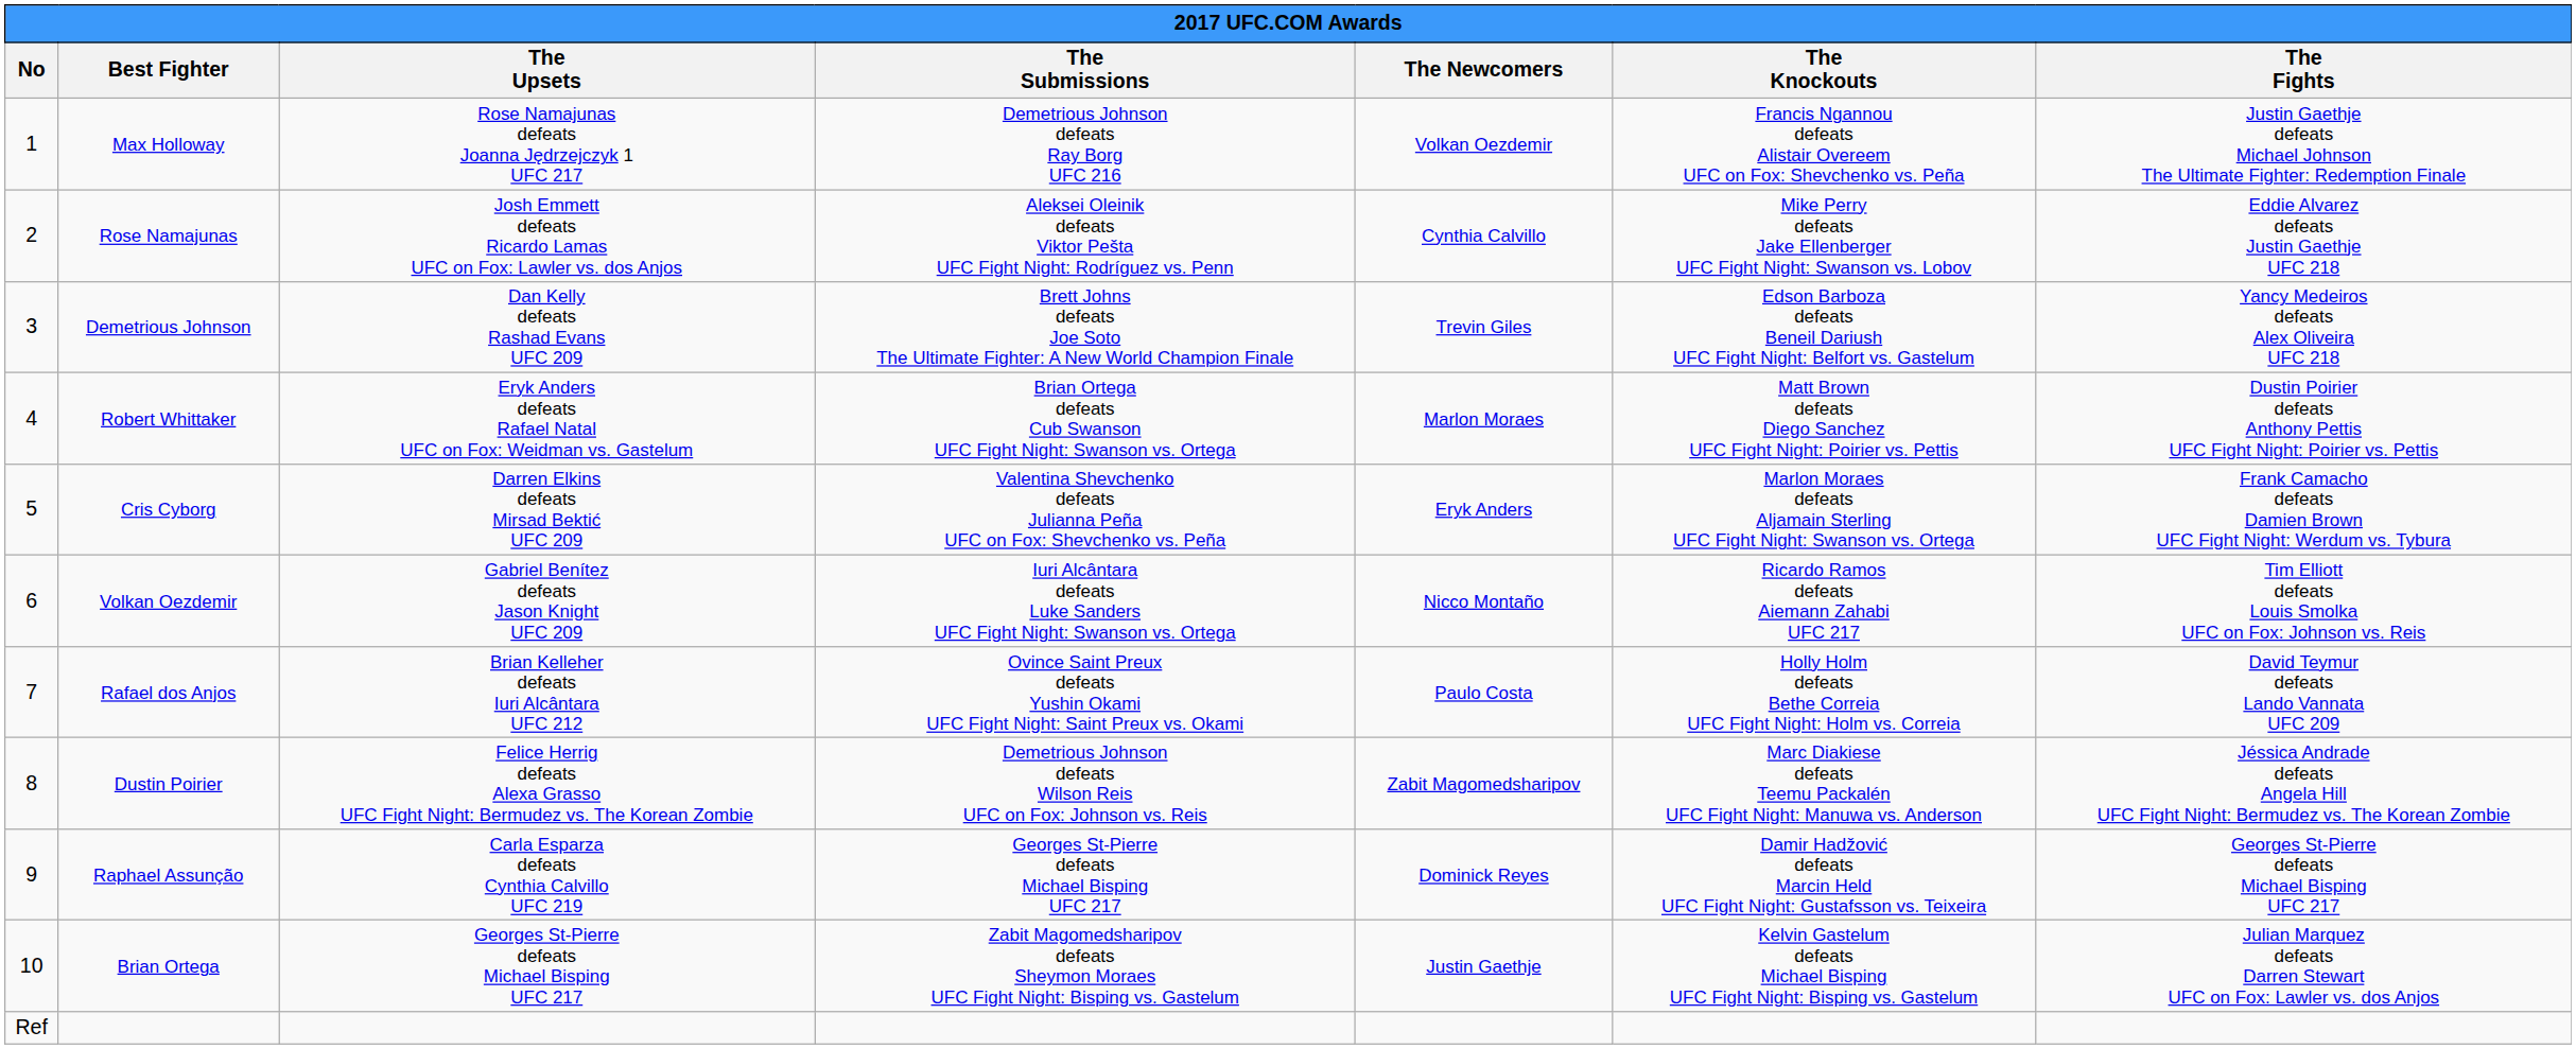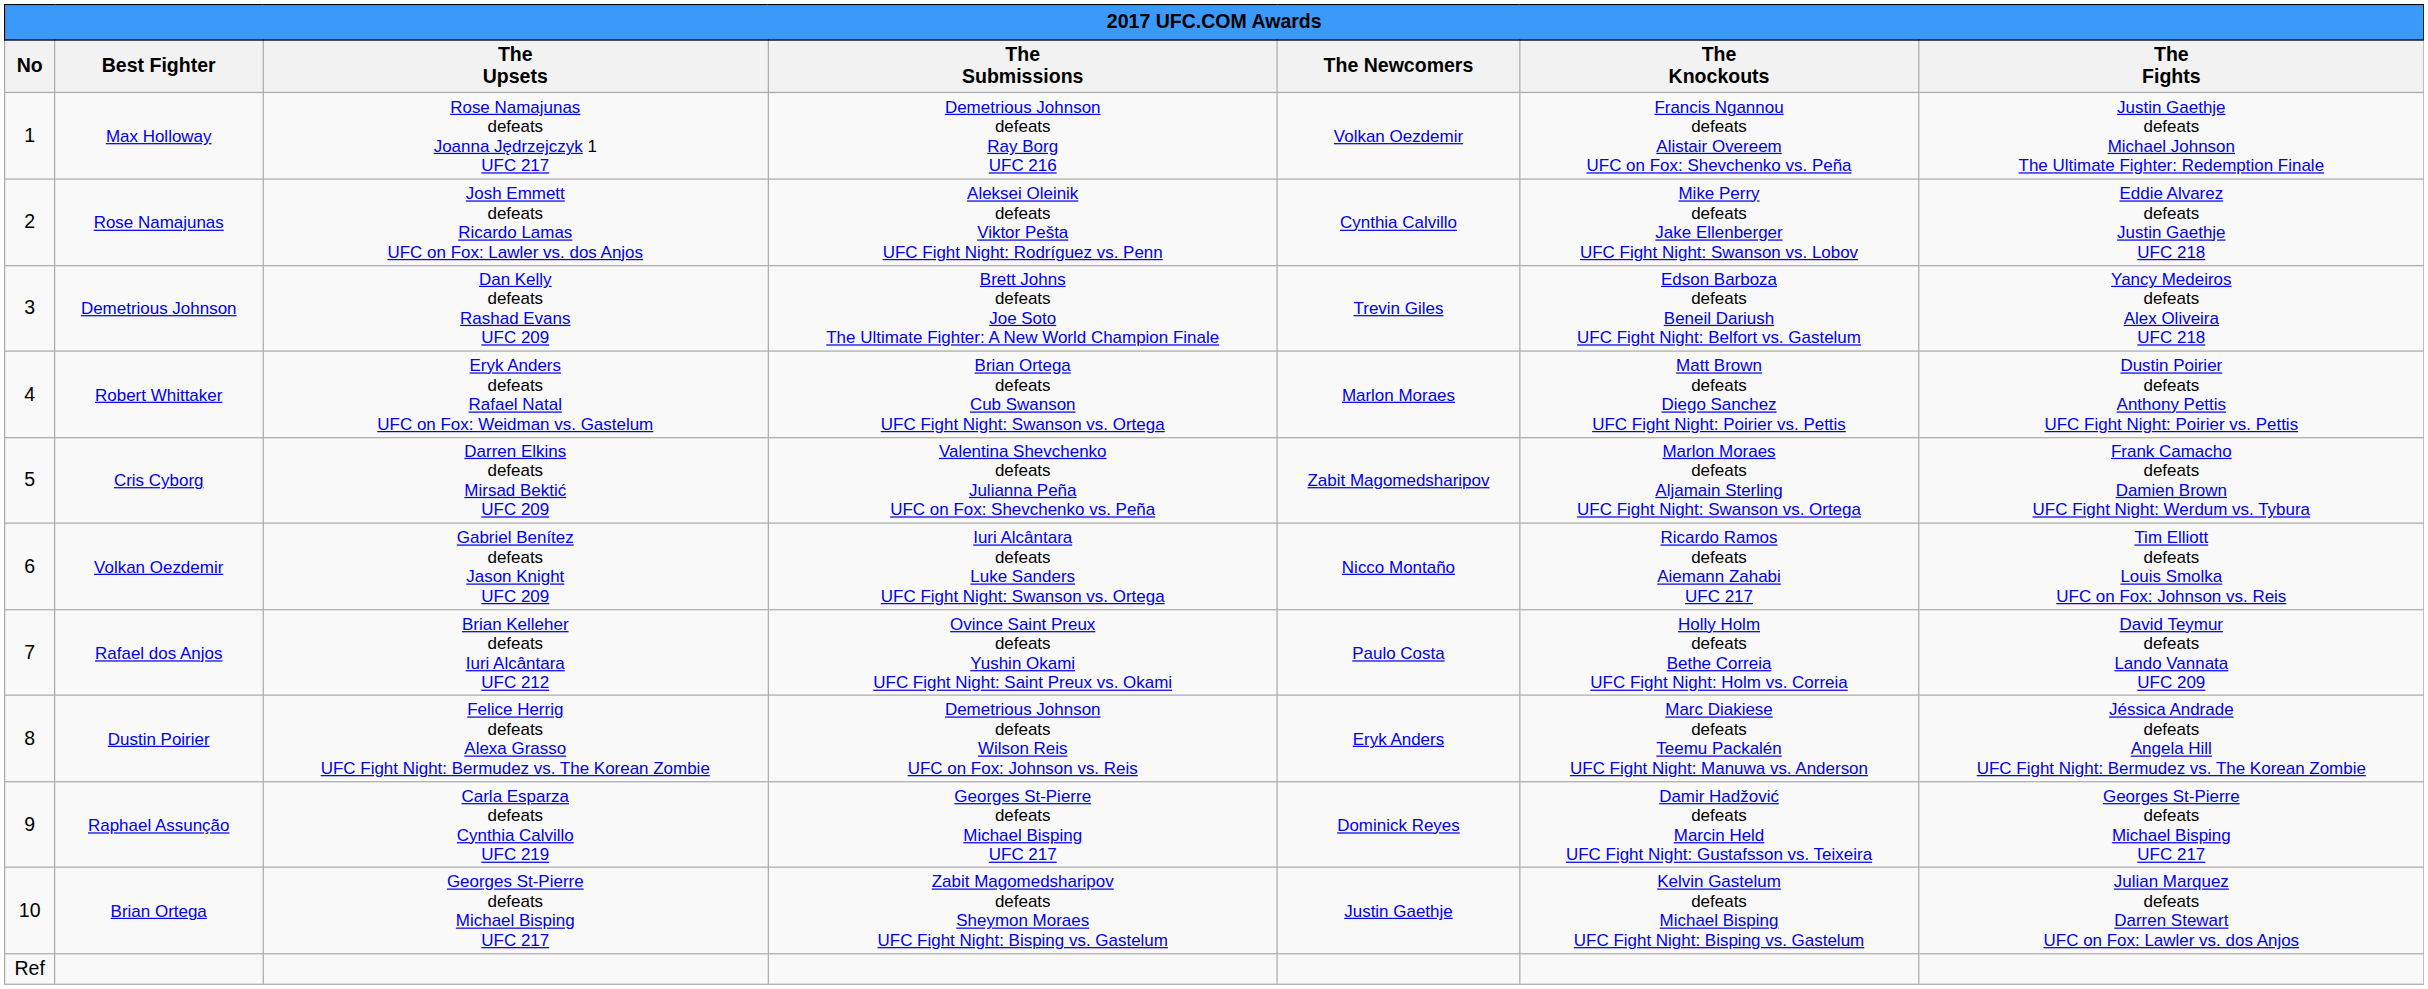 <table class="wikitable" width="100%" style="text-align:Center">
 <tr>
 <th colspan="7" style="border: 1px solid black; padding: 5px; background: #3B99FA;">2017 UFC.COM Awards</th>
 </tr>
 <tr>
 <th>No</th>
 <th>Best Fighter</th>
 <th>The<br>Upsets</th>
 <th>The<br>Submissions</th>
 <th>The Newcomers</th>
 <th>The<br>Knockouts</th>
 <th>The<br>Fights</th>
 </tr>
 <tr>
 <td>1</td>
 <td style="font-size:87%"><a href='#'>Max Holloway</a></td>
 <td style="font-size:87%"><a href='#'>Rose Namajunas</a> <br> defeats <br> <a href='#'>Joanna Jędrzejczyk</a> 1<br> <a href='#'>UFC 217</a></td>
 <td style="font-size:87%"><a href='#'>Demetrious Johnson</a> <br> defeats <br> <a href='#'>Ray Borg</a> <br> <a href='#'>UFC 216</a></td>
 <td style="font-size:87%"><a href='#'>Volkan Oezdemir</a></td>
 <td style="font-size:87%"><a href='#'>Francis Ngannou</a> <br> defeats <br> <a href='#'>Alistair Overeem</a> <br> <a href='#'>UFC on Fox: Shevchenko vs. Peña</a></td>
 <td style="font-size:87%"><a href='#'>Justin Gaethje</a> <br> defeats <br> <a href='#'>Michael Johnson</a> <br> <a href='#'>The Ultimate Fighter: Redemption Finale</a></td>
 </tr>
 <tr>
 <td>2</td>
 <td style="font-size:87%"><a href='#'>Rose Namajunas</a></td>
 <td style="font-size:87%"><a href='#'>Josh Emmett</a> <br> defeats <br> <a href='#'>Ricardo Lamas</a> <br> <a href='#'>UFC on Fox: Lawler vs. dos Anjos</a></td>
 <td style="font-size:87%"><a href='#'>Aleksei Oleinik</a> <br> defeats  <br> <a href='#'>Viktor Pešta</a> <br> <a href='#'>UFC Fight Night: Rodríguez vs. Penn</a></td>
 <td style="font-size:87%"><a href='#'>Cynthia Calvillo</a></td>
 <td style="font-size:87%"><a href='#'>Mike Perry</a> <br> defeats <br> <a href='#'>Jake Ellenberger</a> <br> <a href='#'>UFC Fight Night: Swanson vs. Lobov</a></td>
 <td style="font-size:87%"><a href='#'>Eddie Alvarez</a> <br> defeats <br> <a href='#'>Justin Gaethje</a> <br> <a href='#'>UFC 218</a></td>
 </tr>
 <tr>
 <td>3</td>
 <td style="font-size:87%"><a href='#'>Demetrious Johnson</a></td>
 <td style="font-size:87%"><a href='#'>Dan Kelly</a> <br> defeats  <br> <a href='#'>Rashad Evans</a> <br> <a href='#'>UFC 209</a></td>
 <td style="font-size:87%"><a href='#'>Brett Johns</a> <br> defeats  <br> <a href='#'>Joe Soto</a> <br> <a href='#'>The Ultimate Fighter: A New World Champion Finale</a></td>
 <td style="font-size:87%"><a href='#'>Trevin Giles</a></td>
 <td style="font-size:87%"><a href='#'>Edson Barboza</a> <br> defeats <br> <a href='#'>Beneil Dariush</a> <br> <a href='#'>UFC Fight Night: Belfort vs. Gastelum</a></td>
 <td style="font-size:87%"><a href='#'>Yancy Medeiros</a> <br> defeats <br> <a href='#'>Alex Oliveira</a> <br> <a href='#'>UFC 218</a></td>
 </tr>
 <tr>
 <td>4</td>
 <td style="font-size:87%"><a href='#'>Robert Whittaker</a></td>
 <td style="font-size:87%"><a href='#'>Eryk Anders</a> <br> defeats <br> <a href='#'>Rafael Natal</a> <br> <a href='#'>UFC on Fox: Weidman vs. Gastelum</a></td>
 <td style="font-size:87%"><a href='#'>Brian Ortega</a> <br> defeats <br> <a href='#'>Cub Swanson</a> <br> <a href='#'>UFC Fight Night: Swanson vs. Ortega</a></td>
 <td style="font-size:87%"><a href='#'>Marlon Moraes</a></td>
 <td style="font-size:87%"><a href='#'>Matt Brown</a> <br> defeats <br> <a href='#'>Diego Sanchez</a> <br> <a href='#'>UFC Fight Night: Poirier vs. Pettis</a></td>
 <td style="font-size:87%"><a href='#'>Dustin Poirier</a> <br> defeats <br> <a href='#'>Anthony Pettis</a> <br> <a href='#'>UFC Fight Night: Poirier vs. Pettis</a></td>
 </tr>
 <tr>
 <td>5</td>
 <td style="font-size:87%"><a href='#'>Cris Cyborg</a></td>
 <td style="font-size:87%"><a href='#'>Darren Elkins</a> <br> defeats <br> <a href='#'>Mirsad Bektić</a> <br> <a href='#'>UFC 209</a></td>
 <td style="font-size:87%"><a href='#'>Valentina Shevchenko</a> <br> defeats <br> <a href='#'>Julianna Peña</a> <br> <a href='#'>UFC on Fox: Shevchenko vs. Peña</a></td>
-<td style="font-size:87%"><a href='#'>Eryk Anders</a></td>
+<td style="font-size:87%"><a href='#'>Zabit Magomedsharipov</a></td>
 <td style="font-size:87%"><a href='#'>Marlon Moraes</a> <br> defeats <br> <a href='#'>Aljamain Sterling</a> <br> <a href='#'>UFC Fight Night: Swanson vs. Ortega</a></td>
 <td style="font-size:87%"><a href='#'>Frank Camacho</a> <br> defeats <br> <a href='#'>Damien Brown</a> <br> <a href='#'>UFC Fight Night: Werdum vs. Tybura</a></td>
 </tr>
 <tr>
 <td>6</td>
 <td style="font-size:87%"><a href='#'>Volkan Oezdemir</a></td>
 <td style="font-size:87%"><a href='#'>Gabriel Benítez</a> <br> defeats <br> <a href='#'>Jason Knight</a> <br> <a href='#'>UFC 209</a></td>
 <td style="font-size:87%"><a href='#'>Iuri Alcântara</a> <br> defeats <br> <a href='#'>Luke Sanders</a> <br> <a href='#'>UFC Fight Night: Swanson vs. Ortega</a></td>
 <td style="font-size:87%"><a href='#'>Nicco Montaño</a></td>
 <td style="font-size:87%"><a href='#'>Ricardo Ramos</a> <br> defeats <br> <a href='#'>Aiemann Zahabi</a> <br> <a href='#'>UFC 217</a></td>
 <td style="font-size:87%"><a href='#'>Tim Elliott</a> <br> defeats <br> <a href='#'>Louis Smolka</a> <br> <a href='#'>UFC on Fox: Johnson vs. Reis</a></td>
 </tr>
 <tr>
 <td>7</td>
 <td style="font-size:87%"><a href='#'>Rafael dos Anjos</a></td>
 <td style="font-size:87%"><a href='#'>Brian Kelleher</a> <br> defeats <br> <a href='#'>Iuri Alcântara</a> <br> <a href='#'>UFC 212</a></td>
 <td style="font-size:87%"><a href='#'>Ovince Saint Preux</a> <br> defeats <br> <a href='#'>Yushin Okami</a> <br> <a href='#'>UFC Fight Night: Saint Preux vs. Okami</a></td>
 <td style="font-size:87%"><a href='#'>Paulo Costa</a></td>
 <td style="font-size:87%"><a href='#'>Holly Holm</a> <br> defeats <br> <a href='#'>Bethe Correia</a> <br> <a href='#'>UFC Fight Night: Holm vs. Correia</a></td>
 <td style="font-size:87%"><a href='#'>David Teymur</a> <br> defeats <br> <a href='#'>Lando Vannata</a> <br> <a href='#'>UFC 209</a></td>
 </tr>
 <tr>
 <td>8</td>
 <td style="font-size:87%"><a href='#'>Dustin Poirier</a></td>
 <td style="font-size:87%"><a href='#'>Felice Herrig</a><br> defeats <br> <a href='#'>Alexa Grasso</a> <br> <a href='#'>UFC Fight Night: Bermudez vs. The Korean Zombie</a></td>
 <td style="font-size:87%"><a href='#'>Demetrious Johnson</a> <br> defeats <br> <a href='#'>Wilson Reis</a> <br> <a href='#'>UFC on Fox: Johnson vs. Reis</a></td>
-<td style="font-size:87%"><a href='#'>Zabit Magomedsharipov</a></td>
+<td style="font-size:87%"><a href='#'>Eryk Anders</a></td>
 <td style="font-size:87%"><a href='#'>Marc Diakiese</a> <br> defeats <br> <a href='#'>Teemu Packalén</a> <br> <a href='#'>UFC Fight Night: Manuwa vs. Anderson</a></td>
 <td style="font-size:87%"><a href='#'>Jéssica Andrade</a> <br> defeats <br> <a href='#'>Angela Hill</a><br> <a href='#'>UFC Fight Night: Bermudez vs. The Korean Zombie</a></td>
 </tr>
 <tr>
 <td>9</td>
 <td style="font-size:87%"><a href='#'>Raphael Assunção</a></td>
 <td style="font-size:87%"><a href='#'>Carla Esparza</a> <br> defeats <br>  <a href='#'>Cynthia Calvillo</a> <br> <a href='#'>UFC 219</a></td>
 <td style="font-size:87%"><a href='#'>Georges St-Pierre</a> <br> defeats <br> <a href='#'>Michael Bisping</a> <br> <a href='#'>UFC 217</a></td>
 <td style="font-size:87%"><a href='#'>Dominick Reyes</a></td>
 <td style="font-size:87%"><a href='#'>Damir Hadžović</a> <br> defeats <br> <a href='#'>Marcin Held</a> <br> <a href='#'>UFC Fight Night: Gustafsson vs. Teixeira</a></td>
 <td style="font-size:87%"><a href='#'>Georges St-Pierre</a> <br> defeats <br> <a href='#'>Michael Bisping</a> <br> <a href='#'>UFC 217</a></td>
 </tr>
 <tr>
 <td>10</td>
 <td style="font-size:87%"><a href='#'>Brian Ortega</a></td>
 <td style="font-size:87%"><a href='#'>Georges St-Pierre</a> <br> defeats <br> <a href='#'>Michael Bisping</a> <br> <a href='#'>UFC 217</a></td>
 <td style="font-size:87%"><a href='#'>Zabit Magomedsharipov</a> <br> defeats <br> <a href='#'>Sheymon Moraes</a> <br> <a href='#'>UFC Fight Night: Bisping vs. Gastelum</a></td>
 <td style="font-size:87%"><a href='#'>Justin Gaethje</a></td>
 <td style="font-size:87%"><a href='#'>Kelvin Gastelum</a><br> defeats <br> <a href='#'>Michael Bisping</a> <br> <a href='#'>UFC Fight Night: Bisping vs. Gastelum</a></td>
 <td style="font-size:87%"><a href='#'>Julian Marquez</a> <br> defeats <br> <a href='#'>Darren Stewart</a> <br> <a href='#'>UFC on Fox: Lawler vs. dos Anjos</a></td>
 </tr>
 <tr>
 <td>Ref</td>
 <td></td>
 <td></td>
 <td></td>
 <td></td>
 <td></td>
 <td></td>
 </tr>
 </table>
